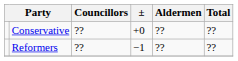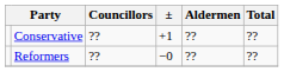 <table class="wikitable">
 <tr>
 <th colspan="2">Party</th>
 <th>Councillors</th>
 <th>  ±  </th>
 <th>Aldermen</th>
 <th>Total</th>
 </tr>
 <tr>
 <td style="background-color: "></td>
 <td><a href='#'>Conservative</a></td>
 <td>??</td>
-<td>+0</td>
+<td>+1</td>
 <td>??</td>
 <td>??</td>
 </tr>
 <tr>
 <td style="background-color: "></td>
 <td><a href='#'>Reformers</a></td>
 <td>??</td>
-<td>−1</td>
+<td>−0</td>
 <td>??</td>
 <td>??</td>
 </tr>
 <tr>
 </tr>
 </table>
